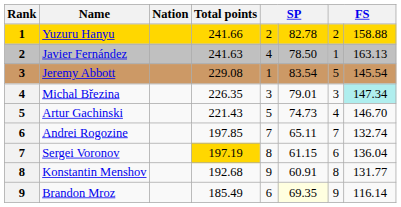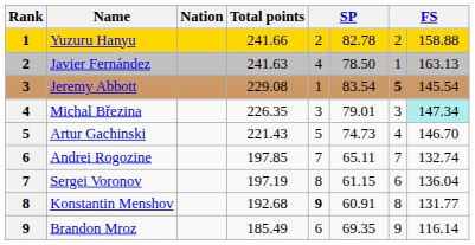 <table class="wikitable sortable">
 <tr>
 <th>Rank</th>
 <th>Name</th>
 <th>Nation</th>
 <th>Total points</th>
 <th colspan="2" width="80px"><a href='#'>SP</a></th>
 <th colspan="2" width="80px"><a href='#'>FS</a></th>
 </tr>
 <tr bgcolor="gold">
 <td align="center"><strong>1</strong></td>
 <td><a href='#'>Yuzuru Hanyu</a></td>
 <td></td>
 <td align="center">241.66</td>
 <td align="center">2</td>
 <td align="center">82.78</td>
 <td align="center">2</td>
 <td align="center">158.88</td>
 </tr>
 <tr bgcolor="silver">
 <td align="center"><strong>2</strong></td>
 <td><a href='#'>Javier Fernández</a></td>
 <td></td>
 <td align="center">241.63</td>
 <td align="center">4</td>
 <td align="center">78.50</td>
 <td align="center">1</td>
 <td align="center">163.13</td>
 </tr>
 <tr bgcolor="cc9966">
 <td align="center"><strong>3</strong></td>
 <td><a href='#'>Jeremy Abbott</a></td>
 <td></td>
 <td align="center">229.08</td>
 <td align="center">1</td>
 <td align="center">83.54</td>
-<td align="center">5</td>
+<td align="center"><strong>5</strong></td>
 <td align="center">145.54</td>
 </tr>
 <tr>
 <th>4</th>
 <td><a href='#'>Michal Březina</a></td>
 <td></td>
 <td align="center">226.35</td>
 <td align="center">3</td>
 <td align="center">79.01</td>
 <td align="center">3</td>
 <td align="center" style="background: paleturquoise;">147.34</td>
 </tr>
 <tr>
 <th>5</th>
 <td><a href='#'>Artur Gachinski</a></td>
 <td></td>
 <td align="center">221.43</td>
 <td align="center">5</td>
 <td align="center">74.73</td>
 <td align="center">4</td>
 <td align="center">146.70</td>
 </tr>
 <tr>
 <th>6</th>
 <td><a href='#'>Andrei Rogozine</a></td>
 <td></td>
 <td align="center">197.85</td>
 <td align="center">7</td>
 <td align="center">65.11</td>
 <td align="center">7</td>
 <td align="center">132.74</td>
 </tr>
 <tr>
 <th>7</th>
 <td><a href='#'>Sergei Voronov</a></td>
 <td></td>
-<td align="center" style="background: gold;">197.19</td>
+<td align="center">197.19</td>
 <td align="center">8</td>
 <td align="center">61.15</td>
 <td align="center">6</td>
 <td align="center">136.04</td>
 </tr>
 <tr>
 <th>8</th>
 <td><a href='#'>Konstantin Menshov</a></td>
 <td></td>
 <td align="center">192.68</td>
-<td align="center">9</td>
+<td align="center"><strong>9</strong></td>
 <td align="center">60.91</td>
 <td align="center">8</td>
 <td align="center">131.77</td>
 </tr>
 <tr>
 <th>9</th>
 <td><a href='#'>Brandon Mroz</a></td>
 <td></td>
 <td align="center">185.49</td>
 <td align="center">6</td>
-<td align="center" style="background: lightyellow;">69.35</td>
+<td align="center">69.35</td>
 <td align="center">9</td>
 <td align="center">116.14</td>
 </tr>
 </table>
